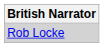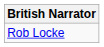 <table class="wikitable">
 <tr>
 <th>British Narrator</th>
 </tr>
 <tr>
-<td style="background: lightgrey;"><a href='#'>Rob Locke</a></td>
+<td><a href='#'>Rob Locke</a></td>
 </tr>
 </table>
